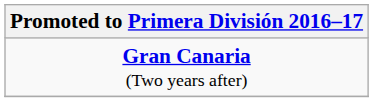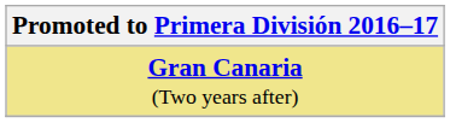 <table class="wikitable" style="text-align: center; margin: 0 auto;">
 <tr>
 <th colspan="2">Promoted to <a href='#'>Primera División 2016–17</a></th>
 </tr>
 <tr>
-<td><strong><a href='#'>Gran Canaria</a></strong><br><small>(Two years after)</small></td>
+<td style="background: khaki;"><strong><a href='#'>Gran Canaria</a></strong><br><small>(Two years after)</small></td>
 </tr>
 <tr>
 </tr>
 </table>
